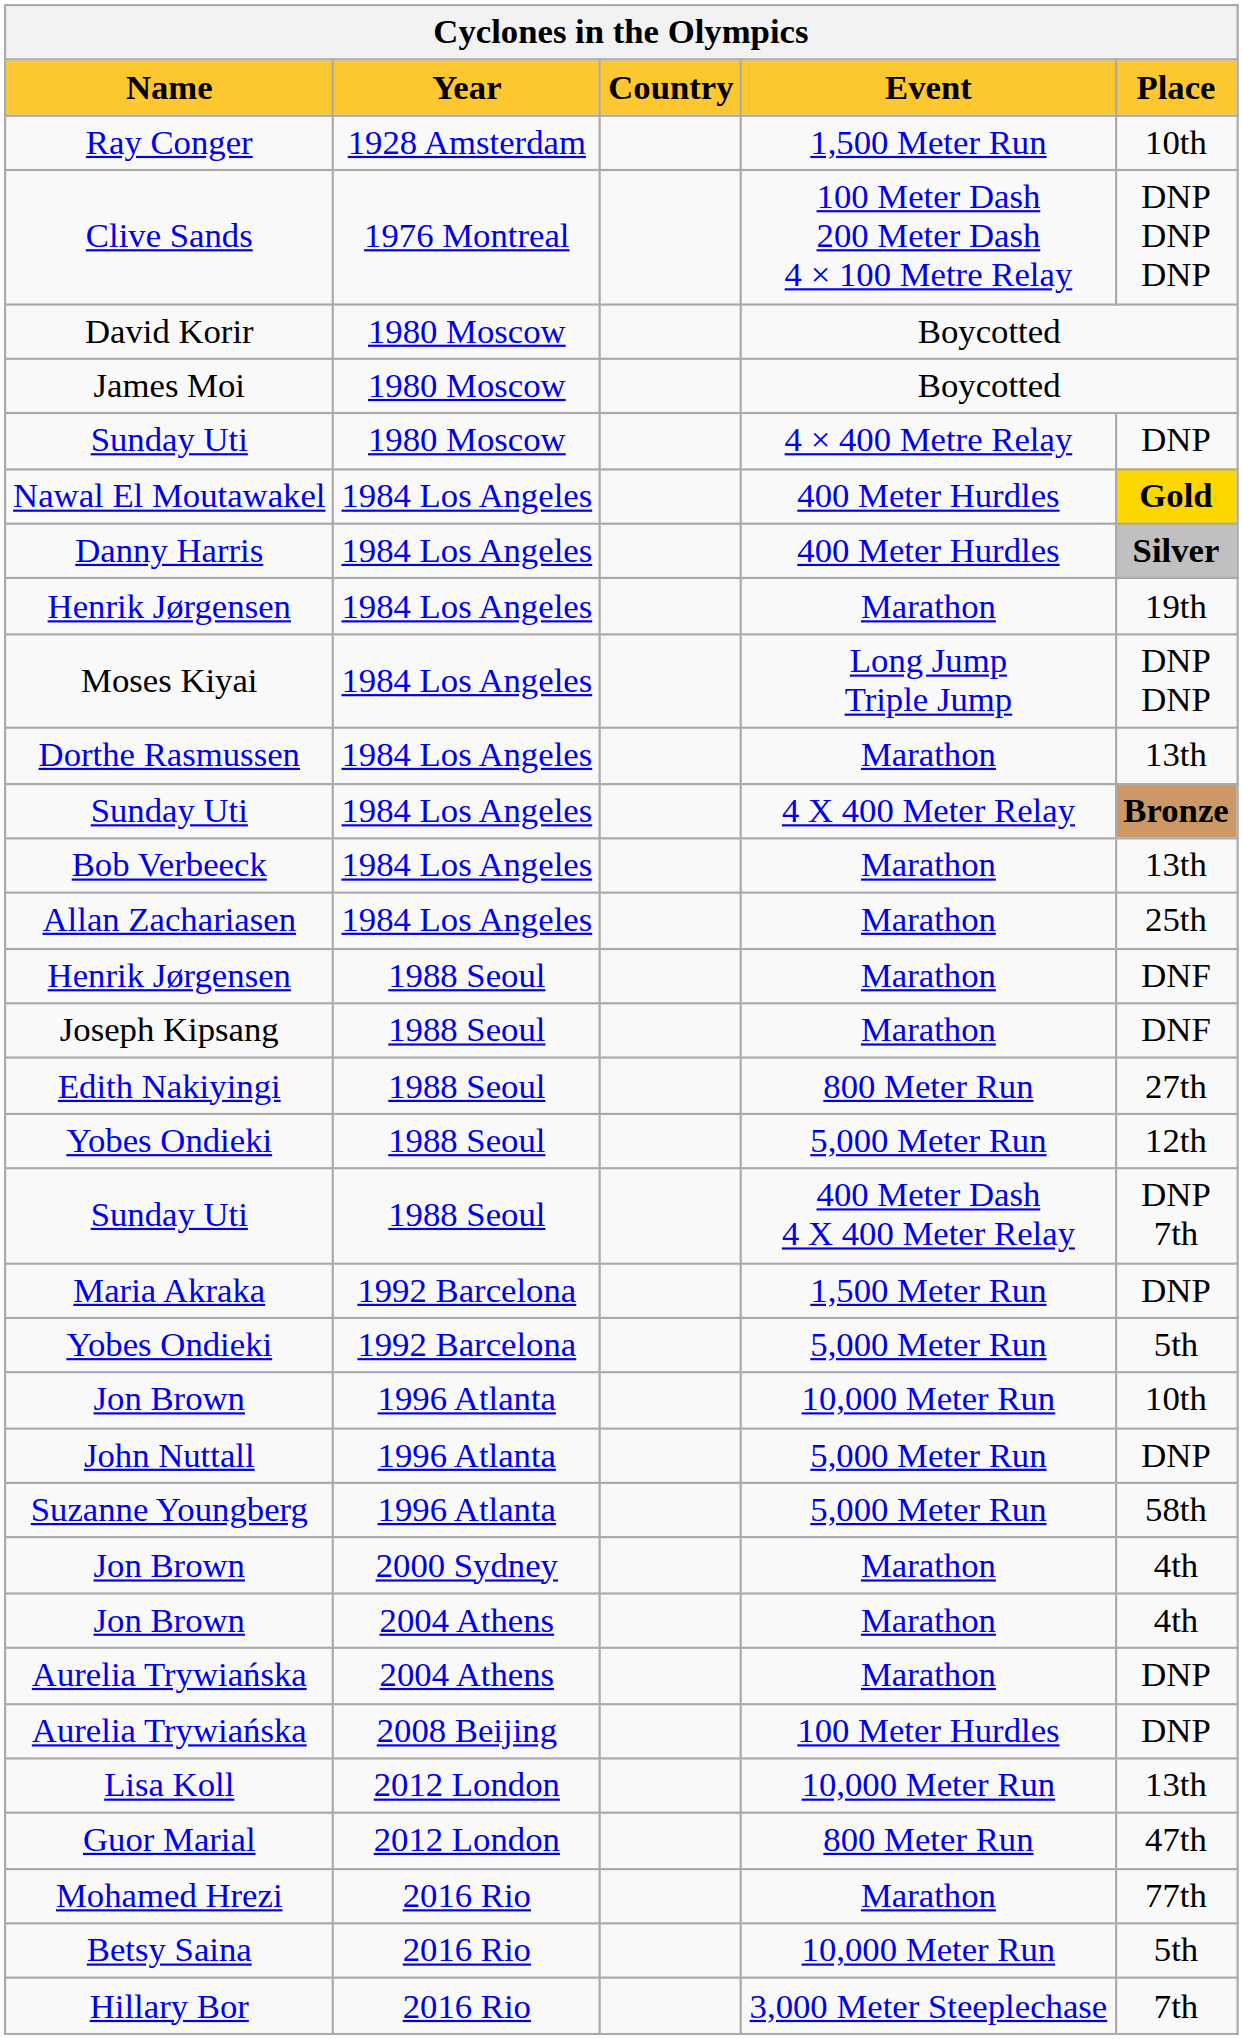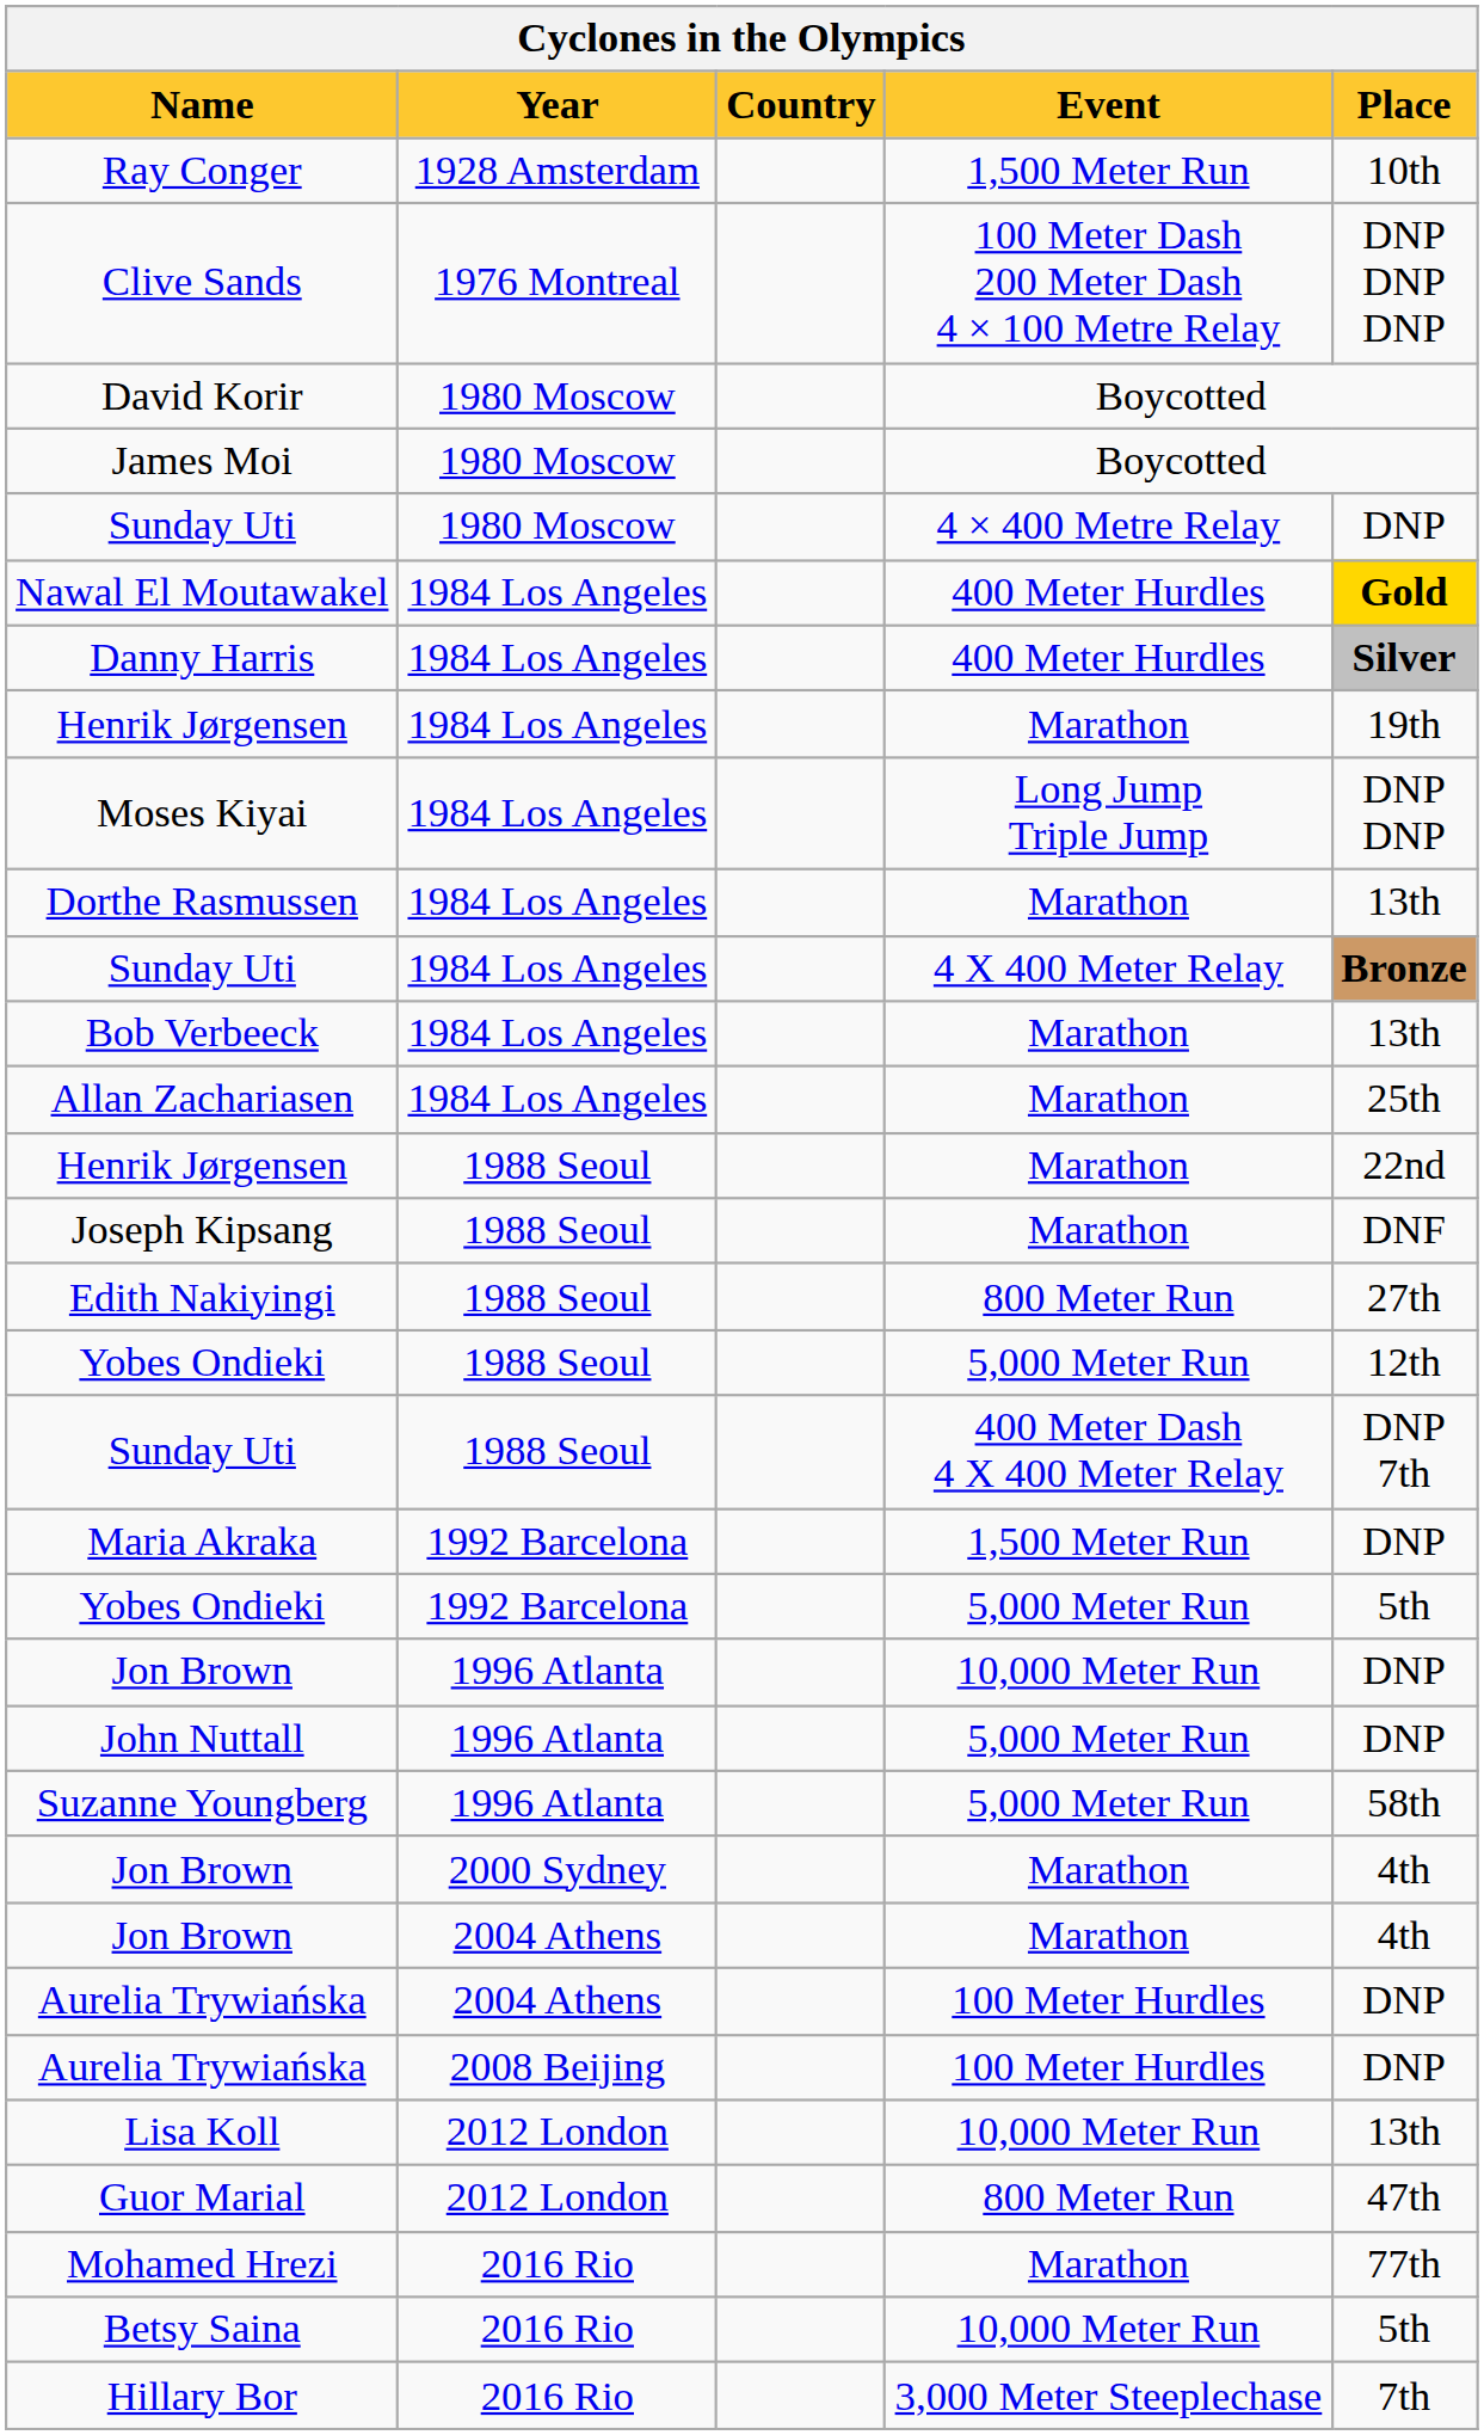 <table class="wikitable">
 <tr>
 <th colspan="5">Cyclones in the Olympics</th>
 </tr>
 <tr>
 <th scope="col" style="background: #FDC82F">Name</th>
 <th scope="col" style="background: #FDC82F">Year</th>
 <th scope="col" style="background: #FDC82F">Country</th>
 <th scope="col" style="background: #FDC82F">Event</th>
 <th scope="col" style="background: #FDC82F">Place</th>
 </tr>
 <tr>
 <td style="text-align: center;"><a href='#'>Ray Conger</a></td>
 <td style="text-align: center;"><a href='#'>1928 Amsterdam</a></td>
 <td></td>
 <td style="text-align: center;"><a href='#'>1,500 Meter Run</a></td>
 <td style="text-align: center;">10th</td>
 </tr>
 <tr>
 <td style="text-align: center;"><a href='#'>Clive Sands</a></td>
 <td style="text-align: center;"><a href='#'>1976 Montreal</a></td>
 <td></td>
 <td style="text-align: center;"><a href='#'>100 Meter Dash</a><br><a href='#'>200 Meter Dash</a><br><a href='#'>4 × 100 Metre Relay</a></td>
 <td style="text-align: center;">DNP<br>DNP<br>DNP</td>
 </tr>
 <tr>
 <td style="text-align: center;">David Korir</td>
 <td style="text-align: center;"><a href='#'>1980 Moscow</a></td>
 <td></td>
 <td style="text-align: center;" colspan=2>Boycotted</td>
 </tr>
 <tr>
 <td style="text-align: center;">James Moi</td>
 <td style="text-align: center;"><a href='#'>1980 Moscow</a></td>
 <td></td>
 <td style="text-align: center;" colspan=2>Boycotted</td>
 </tr>
 <tr>
 <td style="text-align: center;"><a href='#'>Sunday Uti</a></td>
 <td style="text-align: center;"><a href='#'>1980 Moscow</a></td>
 <td></td>
 <td style="text-align: center;"><a href='#'>4 × 400 Metre Relay</a></td>
 <td style="text-align: center;">DNP</td>
 </tr>
 <tr>
 <td style="text-align: center;"><a href='#'>Nawal El Moutawakel</a></td>
 <td style="text-align: center;"><a href='#'>1984 Los Angeles</a></td>
 <td></td>
 <td style="text-align: center;"><a href='#'>400 Meter Hurdles</a></td>
 <td style="text-align: center; background:  gold;"><strong>Gold</strong></td>
 </tr>
 <tr>
 <td style="text-align: center;"><a href='#'>Danny Harris</a></td>
 <td style="text-align: center;"><a href='#'>1984 Los Angeles</a></td>
 <td></td>
 <td style="text-align: center;"><a href='#'>400 Meter Hurdles</a></td>
 <td style="text-align: center; background:  silver;"><strong>Silver</strong></td>
 </tr>
 <tr>
 <td style="text-align: center;"><a href='#'>Henrik Jørgensen</a></td>
 <td style="text-align: center;"><a href='#'>1984 Los Angeles</a></td>
 <td></td>
 <td style="text-align: center;"><a href='#'>Marathon</a></td>
 <td style="text-align: center;">19th</td>
 </tr>
 <tr>
 <td style="text-align: center;">Moses Kiyai</td>
 <td style="text-align: center;"><a href='#'>1984 Los Angeles</a></td>
 <td></td>
 <td style="text-align: center;"><a href='#'>Long Jump</a><br><a href='#'>Triple Jump</a></td>
 <td style="text-align: center;">DNP<br>DNP</td>
 </tr>
 <tr>
 <td style="text-align: center;"><a href='#'>Dorthe Rasmussen</a></td>
 <td style="text-align: center;"><a href='#'>1984 Los Angeles</a></td>
 <td></td>
 <td style="text-align: center;"><a href='#'>Marathon</a></td>
 <td style="text-align: center;">13th</td>
 </tr>
 <tr>
 <td style="text-align: center;"><a href='#'>Sunday Uti</a></td>
 <td style="text-align: center;"><a href='#'>1984 Los Angeles</a></td>
 <td></td>
 <td style="text-align: center;"><a href='#'>4 X 400 Meter Relay</a></td>
 <td style="text-align:center; background:#c96;"><strong>Bronze</strong></td>
 </tr>
 <tr>
 <td style="text-align: center;"><a href='#'>Bob Verbeeck</a></td>
 <td style="text-align: center;"><a href='#'>1984 Los Angeles</a></td>
 <td></td>
 <td style="text-align: center;"><a href='#'>Marathon</a></td>
 <td style="text-align: center;">13th</td>
 </tr>
 <tr>
 <td style="text-align: center;"><a href='#'>Allan Zachariasen</a></td>
 <td style="text-align: center;"><a href='#'>1984 Los Angeles</a></td>
 <td></td>
 <td style="text-align: center;"><a href='#'>Marathon</a></td>
 <td style="text-align: center;">25th</td>
 </tr>
 <tr>
 <td style="text-align: center;"><a href='#'>Henrik Jørgensen</a></td>
 <td style="text-align: center;"><a href='#'>1988 Seoul</a></td>
 <td></td>
 <td style="text-align: center;"><a href='#'>Marathon</a></td>
-<td style="text-align: center;">DNF</td>
+<td style="text-align: center;">22nd</td>
 </tr>
 <tr>
 <td style="text-align: center;">Joseph Kipsang</td>
 <td style="text-align: center;"><a href='#'>1988 Seoul</a></td>
 <td></td>
 <td style="text-align: center;"><a href='#'>Marathon</a></td>
 <td style="text-align: center;">DNF</td>
 </tr>
 <tr>
 <td style="text-align: center;"><a href='#'>Edith Nakiyingi</a></td>
 <td style="text-align: center;"><a href='#'>1988 Seoul</a></td>
 <td></td>
 <td style="text-align: center;"><a href='#'>800 Meter Run</a></td>
 <td style="text-align: center;">27th</td>
 </tr>
 <tr>
 <td style="text-align: center;"><a href='#'>Yobes Ondieki</a></td>
 <td style="text-align: center;"><a href='#'>1988 Seoul</a></td>
 <td></td>
 <td style="text-align: center;"><a href='#'>5,000 Meter Run</a></td>
 <td style="text-align: center;">12th</td>
 </tr>
 <tr>
 <td style="text-align: center;"><a href='#'>Sunday Uti</a></td>
 <td style="text-align: center;"><a href='#'>1988 Seoul</a></td>
 <td></td>
 <td style="text-align: center;"><a href='#'>400 Meter Dash</a><br><a href='#'>4 X 400 Meter Relay</a></td>
 <td style="text-align: center;">DNP<br>7th</td>
 </tr>
 <tr>
 <td style="text-align: center;"><a href='#'>Maria Akraka</a></td>
 <td style="text-align: center;"><a href='#'>1992 Barcelona</a></td>
 <td></td>
 <td style="text-align: center;"><a href='#'>1,500 Meter Run</a></td>
 <td style="text-align: center;">DNP</td>
 </tr>
 <tr>
 <td style="text-align: center;"><a href='#'>Yobes Ondieki</a></td>
 <td style="text-align: center;"><a href='#'>1992 Barcelona</a></td>
 <td></td>
 <td style="text-align: center;"><a href='#'>5,000 Meter Run</a></td>
 <td style="text-align: center;">5th</td>
 </tr>
 <tr>
 <td style="text-align: center;"><a href='#'>Jon Brown</a></td>
 <td style="text-align: center;"><a href='#'>1996 Atlanta</a></td>
 <td></td>
 <td style="text-align: center;"><a href='#'>10,000 Meter Run</a></td>
-<td style="text-align: center;">10th</td>
+<td style="text-align: center;">DNP</td>
 </tr>
 <tr>
 <td style="text-align: center;"><a href='#'>John Nuttall</a></td>
 <td style="text-align: center;"><a href='#'>1996 Atlanta</a></td>
 <td></td>
 <td style="text-align: center;"><a href='#'>5,000 Meter Run</a></td>
 <td style="text-align: center;">DNP</td>
 </tr>
 <tr>
 <td style="text-align: center;"><a href='#'>Suzanne Youngberg</a></td>
 <td style="text-align: center;"><a href='#'>1996 Atlanta</a></td>
 <td></td>
 <td style="text-align: center;"><a href='#'>5,000 Meter Run</a></td>
 <td style="text-align: center;">58th</td>
 </tr>
 <tr>
 <td style="text-align: center;"><a href='#'>Jon Brown</a></td>
 <td style="text-align: center;"><a href='#'>2000 Sydney</a></td>
 <td></td>
 <td style="text-align: center;"><a href='#'>Marathon</a></td>
 <td style="text-align: center;">4th</td>
 </tr>
 <tr>
 <td style="text-align: center;"><a href='#'>Jon Brown</a></td>
 <td style="text-align: center;"><a href='#'>2004 Athens</a></td>
 <td></td>
 <td style="text-align: center;"><a href='#'>Marathon</a></td>
 <td style="text-align: center;">4th</td>
 </tr>
 <tr>
 <td style="text-align: center;"><a href='#'>Aurelia Trywiańska</a></td>
 <td style="text-align: center;"><a href='#'>2004 Athens</a></td>
 <td></td>
-<td style="text-align: center;"><a href='#'>Marathon</a></td>
+<td style="text-align: center;"><a href='#'>100 Meter Hurdles</a></td>
 <td style="text-align: center;">DNP</td>
 </tr>
 <tr>
 <td style="text-align: center;"><a href='#'>Aurelia Trywiańska</a></td>
 <td style="text-align: center;"><a href='#'>2008 Beijing</a></td>
 <td></td>
 <td style="text-align: center;"><a href='#'>100 Meter Hurdles</a></td>
 <td style="text-align: center;">DNP</td>
 </tr>
 <tr>
 <td style="text-align: center;"><a href='#'>Lisa Koll</a></td>
 <td style="text-align: center;"><a href='#'>2012 London</a></td>
 <td></td>
 <td style="text-align: center;"><a href='#'>10,000 Meter Run</a></td>
 <td style="text-align: center;">13th</td>
 </tr>
 <tr>
 <td style="text-align: center;"><a href='#'>Guor Marial</a></td>
 <td style="text-align: center;"><a href='#'>2012 London</a></td>
 <td></td>
 <td style="text-align: center;"><a href='#'>800 Meter Run</a></td>
 <td style="text-align: center;">47th</td>
 </tr>
 <tr>
 <td style="text-align: center;"><a href='#'>Mohamed Hrezi</a></td>
 <td style="text-align: center;"><a href='#'>2016 Rio</a></td>
 <td></td>
 <td style="text-align: center;"><a href='#'>Marathon</a></td>
 <td style="text-align: center;">77th</td>
 </tr>
 <tr>
 <td style="text-align: center;"><a href='#'>Betsy Saina</a></td>
 <td style="text-align: center;"><a href='#'>2016 Rio</a></td>
 <td></td>
 <td style="text-align: center;"><a href='#'>10,000 Meter Run</a></td>
 <td style="text-align: center;">5th</td>
 </tr>
 <tr>
 <td style="text-align: center;"><a href='#'>Hillary Bor</a></td>
 <td style="text-align: center;"><a href='#'>2016 Rio</a></td>
 <td></td>
 <td style="text-align: center;"><a href='#'>3,000 Meter Steeplechase</a></td>
 <td style="text-align: center;">7th</td>
 </tr>
 </table>
